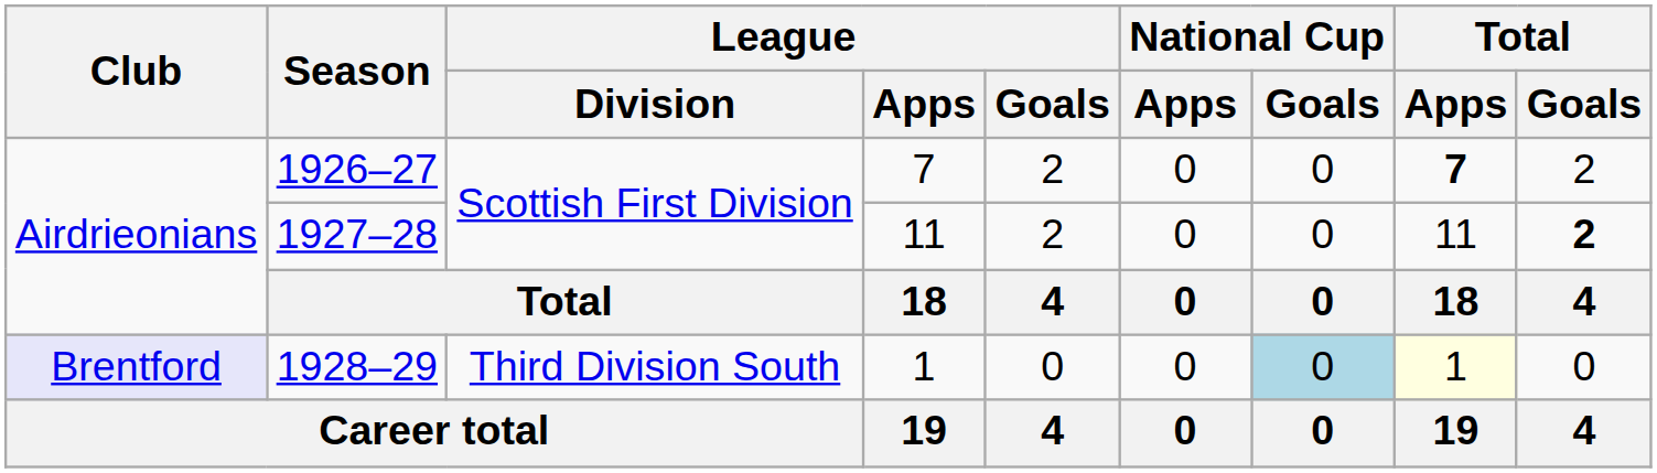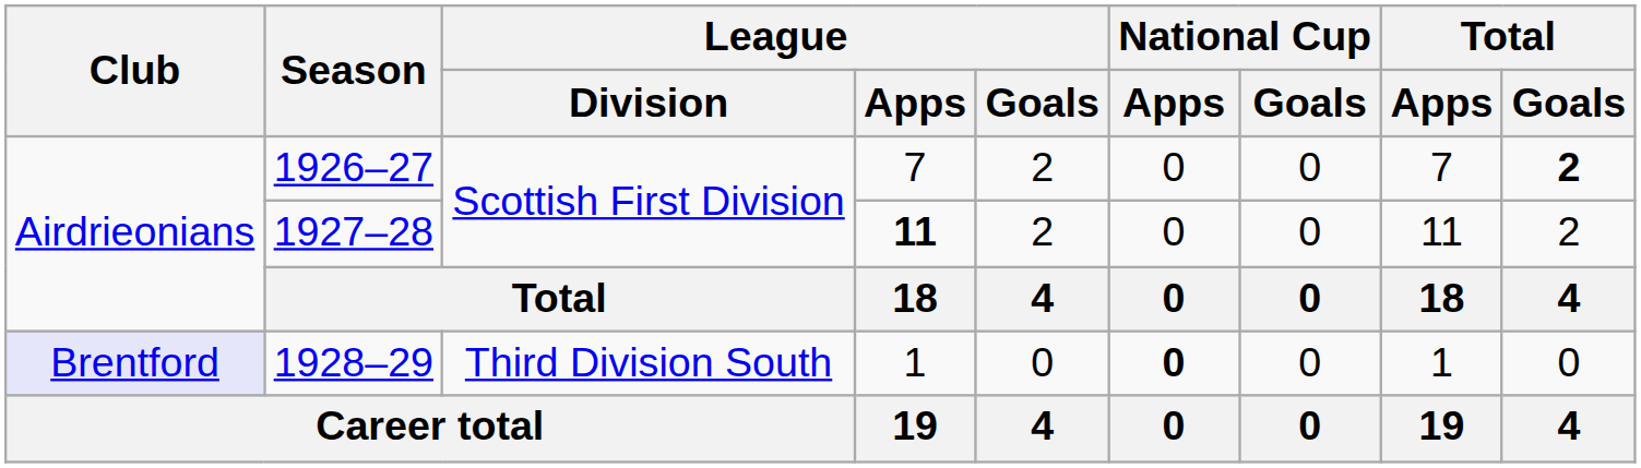 <table class="wikitable" style="text-align: center;">
 <tr>
 <th rowspan="2">Club</th>
 <th rowspan="2">Season</th>
 <th colspan="3">League</th>
 <th colspan="2">National Cup</th>
 <th colspan="2">Total</th>
 </tr>
 <tr>
 <th>Division</th>
 <th>Apps</th>
 <th>Goals</th>
 <th>Apps</th>
 <th>Goals</th>
 <th>Apps</th>
 <th>Goals</th>
 </tr>
 <tr>
 <td rowspan="3"><a href='#'>Airdrieonians</a></td>
 <td><a href='#'>1926–27</a></td>
 <td rowspan="2"><a href='#'>Scottish First Division</a></td>
 <td>7</td>
 <td>2</td>
 <td>0</td>
 <td>0</td>
-<td><strong>7</strong></td>
-<td>2</td>
+<td>7</td>
+<td><strong>2</strong></td>
 </tr>
 <tr>
 <td><a href='#'>1927–28</a></td>
-<td>11</td>
+<td><strong>11</strong></td>
 <td>2</td>
 <td>0</td>
 <td>0</td>
 <td>11</td>
-<td><strong>2</strong></td>
+<td>2</td>
 </tr>
 <tr>
 <th colspan="2">Total</th>
 <th>18</th>
 <th>4</th>
 <th>0</th>
 <th>0</th>
 <th>18</th>
 <th>4</th>
 </tr>
 <tr>
 <td style="background: lavender;"><a href='#'>Brentford</a></td>
 <td><a href='#'>1928–29</a></td>
 <td><a href='#'>Third Division South</a></td>
 <td>1</td>
 <td>0</td>
+<td><strong>0</strong></td>
 <td>0</td>
-<td style="background: lightblue;">0</td>
-<td style="background: lightyellow;">1</td>
+<td>1</td>
 <td>0</td>
 </tr>
 <tr>
 <th colspan="3">Career total</th>
 <th>19</th>
 <th>4</th>
 <th>0</th>
 <th>0</th>
 <th>19</th>
 <th>4</th>
 </tr>
 </table>
